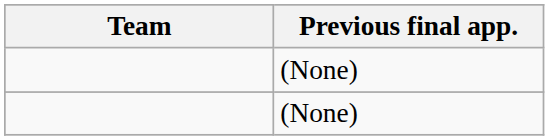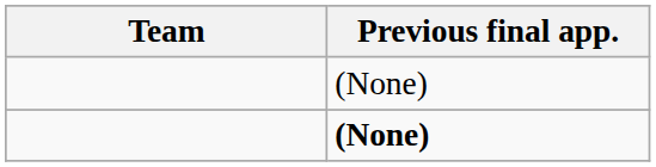 <table class="wikitable">
 <tr>
 <th width=150px>Team</th>
 <th width=150px>Previous final app.</th>
 </tr>
 <tr>
 <td></td>
 <td>(None)</td>
 </tr>
 <tr>
 <td></td>
-<td>(None)</td>
+<td><strong>(None)</strong></td>
 </tr>
 </table>
